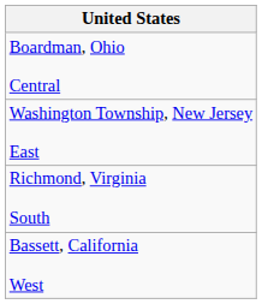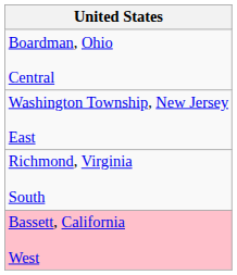 <table class="wikitable">
 <tr>
 <th>United States</th>
 </tr>
 <tr>
 <td> <a href='#'>Boardman</a>, <a href='#'>Ohio</a><br><br><a href='#'>Central</a></td>
 </tr>
 <tr>
 <td> <a href='#'>Washington Township</a>, <a href='#'>New Jersey</a><br><br><a href='#'>East</a></td>
 </tr>
 <tr>
 <td> <a href='#'>Richmond</a>, <a href='#'>Virginia</a><br><br><a href='#'>South</a></td>
 </tr>
 <tr>
-<td> <a href='#'>Bassett</a>, <a href='#'>California</a><br><br><a href='#'>West</a></td>
+<td style="background: pink;"> <a href='#'>Bassett</a>, <a href='#'>California</a><br><br><a href='#'>West</a></td>
 </tr>
 </table>
